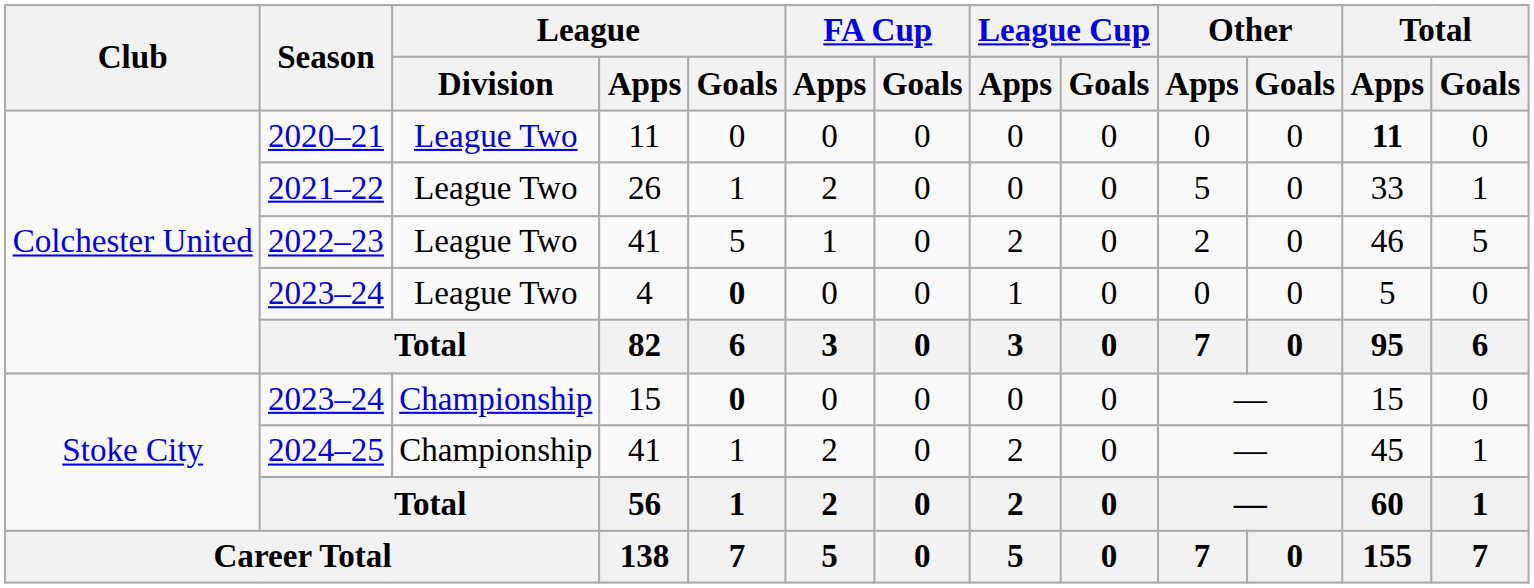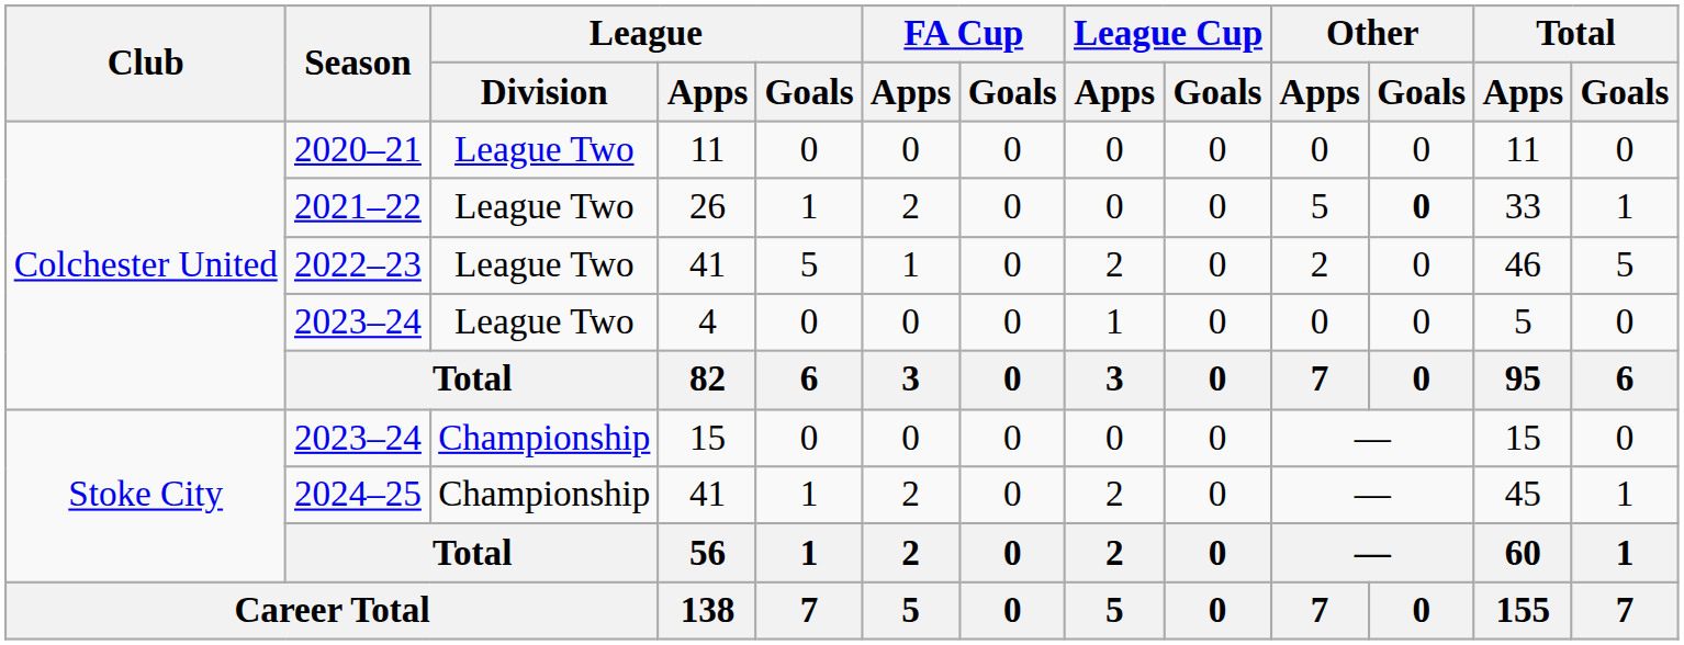 <table class=wikitable style=text-align:center>
 <tr>
 <th rowspan=2>Club</th>
 <th rowspan=2>Season</th>
 <th colspan=3>League</th>
 <th colspan=2><a href='#'>FA Cup</a></th>
 <th colspan=2><a href='#'>League Cup</a></th>
 <th colspan=2>Other</th>
 <th colspan=2>Total</th>
 </tr>
 <tr>
 <th>Division</th>
 <th>Apps</th>
 <th>Goals</th>
 <th>Apps</th>
 <th>Goals</th>
 <th>Apps</th>
 <th>Goals</th>
 <th>Apps</th>
 <th>Goals</th>
 <th>Apps</th>
 <th>Goals</th>
 </tr>
 <tr>
 <td rowspan=5><a href='#'>Colchester United</a></td>
 <td><a href='#'>2020–21</a></td>
 <td><a href='#'>League Two</a></td>
 <td>11</td>
 <td>0</td>
 <td>0</td>
 <td>0</td>
 <td>0</td>
 <td>0</td>
 <td>0</td>
 <td>0</td>
-<td><strong>11</strong></td>
+<td>11</td>
 <td>0</td>
 </tr>
 <tr>
 <td><a href='#'>2021–22</a></td>
 <td>League Two</td>
 <td>26</td>
 <td>1</td>
 <td>2</td>
 <td>0</td>
 <td>0</td>
 <td>0</td>
 <td>5</td>
-<td>0</td>
+<td><strong>0</strong></td>
 <td>33</td>
 <td>1</td>
 </tr>
 <tr>
 <td><a href='#'>2022–23</a></td>
 <td>League Two</td>
 <td>41</td>
 <td>5</td>
 <td>1</td>
 <td>0</td>
 <td>2</td>
 <td>0</td>
 <td>2</td>
 <td>0</td>
 <td>46</td>
 <td>5</td>
 </tr>
 <tr>
 <td><a href='#'>2023–24</a></td>
 <td>League Two</td>
 <td>4</td>
-<td><strong>0</strong></td>
+<td>0</td>
 <td>0</td>
 <td>0</td>
 <td>1</td>
 <td>0</td>
 <td>0</td>
 <td>0</td>
 <td>5</td>
 <td>0</td>
 </tr>
 <tr>
 <th colspan="2">Total</th>
 <th>82</th>
 <th>6</th>
 <th>3</th>
 <th>0</th>
 <th>3</th>
 <th>0</th>
 <th>7</th>
 <th>0</th>
 <th>95</th>
 <th>6</th>
 </tr>
 <tr>
 <td rowspan=3><a href='#'>Stoke City</a></td>
 <td><a href='#'>2023–24</a></td>
 <td><a href='#'>Championship</a></td>
 <td>15</td>
-<td><strong>0</strong></td>
+<td>0</td>
 <td>0</td>
 <td>0</td>
 <td>0</td>
 <td>0</td>
 <td colspan="2">—</td>
 <td>15</td>
 <td>0</td>
 </tr>
 <tr>
 <td><a href='#'>2024–25</a></td>
 <td>Championship</td>
 <td>41</td>
 <td>1</td>
 <td>2</td>
 <td>0</td>
 <td>2</td>
 <td>0</td>
 <td colspan="2">—</td>
 <td>45</td>
 <td>1</td>
 </tr>
 <tr>
 <th colspan="2">Total</th>
 <th>56</th>
 <th>1</th>
 <th>2</th>
 <th>0</th>
 <th>2</th>
 <th>0</th>
 <th colspan="2">—</th>
 <th>60</th>
 <th>1</th>
 </tr>
 <tr>
 <th colspan="3">Career Total</th>
 <th>138</th>
 <th>7</th>
 <th>5</th>
 <th>0</th>
 <th>5</th>
 <th>0</th>
 <th>7</th>
 <th>0</th>
 <th>155</th>
 <th>7</th>
 </tr>
 </table>
